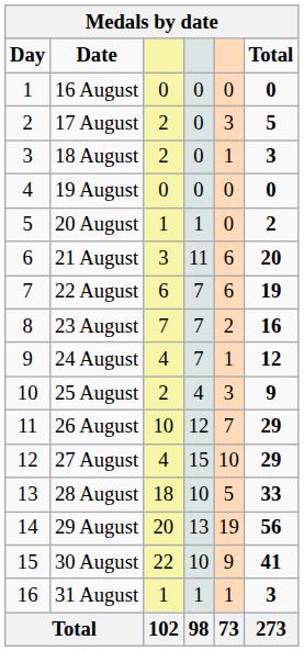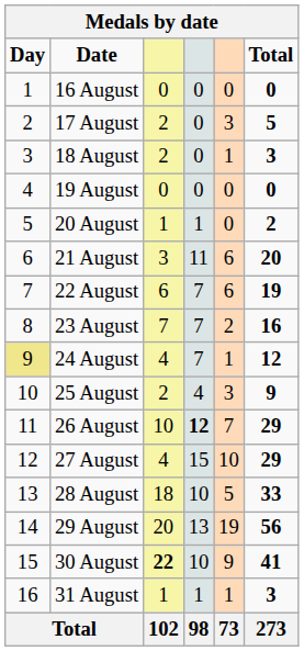 <table class="wikitable" style="font-size:85%; text-align:center;">
 <tr style="background:#efefef;">
 <th colspan=6><strong>Medals by date</strong></th>
 </tr>
 <tr>
 <td><strong>Day</strong></td>
 <td><strong>Date</strong></td>
 <td style="background:#F7F6A8;"></td>
 <td style="background:#DCE5E5;"></td>
 <td style="background:#FFDAB9;"></td>
 <td><strong>Total</strong></td>
 </tr>
 <tr>
 <td>1</td>
 <td>16 August</td>
 <td style="background:#F7F6A8;">0</td>
 <td style="background:#DCE5E5;">0</td>
 <td style="background:#FFDAB9;">0</td>
 <td><strong>0</strong></td>
 </tr>
 <tr>
 <td>2</td>
 <td>17 August</td>
 <td style="background:#F7F6A8;">2</td>
 <td style="background:#DCE5E5;">0</td>
 <td style="background:#FFDAB9;">3</td>
 <td><strong>5</strong></td>
 </tr>
 <tr>
 <td>3</td>
 <td>18 August</td>
 <td style="background:#F7F6A8;">2</td>
 <td style="background:#DCE5E5;">0</td>
 <td style="background:#FFDAB9;">1</td>
 <td><strong>3</strong></td>
 </tr>
 <tr>
 <td>4</td>
 <td>19 August</td>
 <td style="background:#F7F6A8;">0</td>
 <td style="background:#DCE5E5;">0</td>
 <td style="background:#FFDAB9;">0</td>
 <td><strong>0</strong></td>
 </tr>
 <tr>
 <td>5</td>
 <td>20 August</td>
 <td style="background:#F7F6A8;">1</td>
 <td style="background:#DCE5E5;">1</td>
 <td style="background:#FFDAB9;">0</td>
 <td><strong>2</strong></td>
 </tr>
 <tr>
 <td>6</td>
 <td>21 August</td>
 <td style="background:#F7F6A8;">3</td>
 <td style="background:#DCE5E5;">11</td>
 <td style="background:#FFDAB9;">6</td>
 <td><strong>20</strong></td>
 </tr>
 <tr>
 <td>7</td>
 <td>22 August</td>
 <td style="background:#F7F6A8;">6</td>
 <td style="background:#DCE5E5;">7</td>
 <td style="background:#FFDAB9;">6</td>
 <td><strong>19</strong></td>
 </tr>
 <tr>
 <td>8</td>
 <td>23 August</td>
 <td style="background:#F7F6A8;">7</td>
 <td style="background:#DCE5E5;">7</td>
 <td style="background:#FFDAB9;">2</td>
 <td><strong>16</strong></td>
 </tr>
 <tr>
-<td>9</td>
+<td style="background: khaki;">9</td>
 <td>24 August</td>
 <td style="background:#F7F6A8;">4</td>
 <td style="background:#DCE5E5;">7</td>
 <td style="background:#FFDAB9;">1</td>
 <td><strong>12</strong></td>
 </tr>
 <tr>
 <td>10</td>
 <td>25 August</td>
 <td style="background:#F7F6A8;">2</td>
 <td style="background:#DCE5E5;">4</td>
 <td style="background:#FFDAB9;">3</td>
 <td><strong>9</strong></td>
 </tr>
 <tr>
 <td>11</td>
 <td>26 August</td>
 <td style="background:#F7F6A8;">10</td>
-<td style="background:#DCE5E5;">12</td>
+<td style="background:#DCE5E5;"><strong>12</strong></td>
 <td style="background:#FFDAB9;">7</td>
 <td><strong>29</strong></td>
 </tr>
 <tr>
 <td>12</td>
 <td>27 August</td>
 <td style="background:#F7F6A8;">4</td>
 <td style="background:#DCE5E5;">15</td>
 <td style="background:#FFDAB9;">10</td>
 <td><strong>29</strong></td>
 </tr>
 <tr>
 <td>13</td>
 <td>28 August</td>
 <td style="background:#F7F6A8;">18</td>
 <td style="background:#DCE5E5;">10</td>
 <td style="background:#FFDAB9;">5</td>
 <td><strong>33</strong></td>
 </tr>
 <tr>
 <td>14</td>
 <td>29 August</td>
 <td style="background:#F7F6A8;">20</td>
 <td style="background:#DCE5E5;">13</td>
 <td style="background:#FFDAB9;">19</td>
 <td><strong>56</strong></td>
 </tr>
 <tr>
 <td>15</td>
 <td>30 August</td>
-<td style="background:#F7F6A8;">22</td>
+<td style="background:#F7F6A8;"><strong>22</strong></td>
 <td style="background:#DCE5E5;">10</td>
 <td style="background:#FFDAB9;">9</td>
 <td><strong>41</strong></td>
 </tr>
 <tr>
 <td>16</td>
 <td>31 August</td>
 <td style="background:#F7F6A8;">1</td>
 <td style="background:#DCE5E5;">1</td>
 <td style="background:#FFDAB9;">1</td>
 <td><strong>3</strong></td>
 </tr>
 <tr>
 <th colspan="2">Total</th>
 <th>102</th>
 <th>98</th>
 <th>73</th>
 <th>273</th>
 </tr>
 </table>
